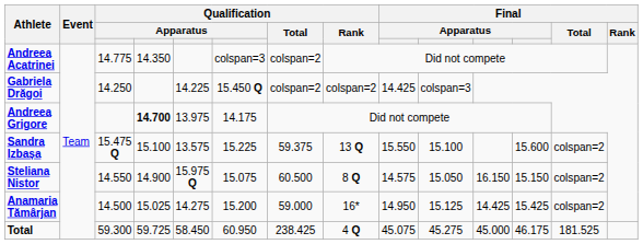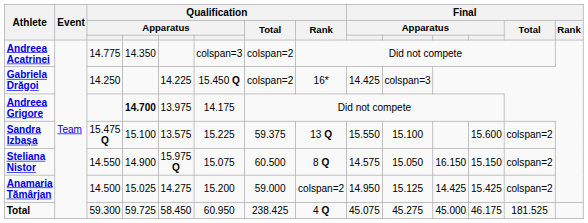 <table class="wikitable" style="font-size:90%">
 <tr>
 <th rowspan="3">Athlete</th>
 <th rowspan="3">Event</th>
 <th colspan=6>Qualification</th>
 <th colspan=6>Final</th>
 </tr>
 <tr style="font-size:95%">
 <th colspan=4>Apparatus</th>
 <th rowspan=2>Total</th>
 <th rowspan=2>Rank</th>
 <th colspan=4>Apparatus</th>
 <th rowspan=2>Total</th>
 <th rowspan=2>Rank</th>
 </tr>
 <tr style="font-size:95%">
 <th></th>
 <th></th>
 <th></th>
 <th></th>
 <th></th>
 <th></th>
 <th></th>
 <th></th>
 </tr>
 <tr align=center>
 <td align=left><strong><a href='#'>Andreea Acatrinei</a></strong></td>
 <td rowspan=7 align=left><a href='#'>Team</a></td>
 <td>14.775</td>
 <td>14.350</td>
 <td></td>
 <td>colspan=3 </td>
 <td>colspan=2 </td>
 <td colspan=6>Did not compete</td>
 </tr>
 <tr align=center>
 <td align=left><strong><a href='#'>Gabriela Drăgoi</a></strong></td>
 <td>14.250</td>
 <td></td>
 <td>14.225</td>
 <td>15.450 <strong>Q</strong></td>
 <td>colspan=2 </td>
-<td>colspan=2 </td>
+<td>16*</td>
 <td>14.425</td>
 <td>colspan=3 </td>
 </tr>
 <tr align=center>
 <td align=left><strong><a href='#'>Andreea Grigore</a></strong></td>
 <td></td>
 <td><strong>14.700</strong></td>
 <td>13.975</td>
 <td>14.175</td>
 <td colspan=6>Did not compete</td>
 </tr>
 <tr align=center>
 <td align=left><strong><a href='#'>Sandra Izbașa</a></strong></td>
 <td>15.475 <strong>Q</strong></td>
 <td>15.100</td>
 <td>13.575</td>
 <td>15.225</td>
 <td>59.375</td>
 <td>13 <strong>Q</strong></td>
 <td>15.550</td>
 <td>15.100</td>
 <td></td>
 <td>15.600</td>
 <td>colspan=2 </td>
 </tr>
 <tr align=center>
 <td align=left><strong><a href='#'>Steliana Nistor</a></strong></td>
 <td>14.550</td>
 <td>14.900</td>
 <td>15.975 <strong>Q</strong></td>
 <td>15.075</td>
 <td>60.500</td>
 <td>8 <strong>Q</strong></td>
 <td>14.575</td>
 <td>15.050</td>
 <td>16.150</td>
 <td>15.150</td>
 <td>colspan=2 </td>
 </tr>
 <tr align=center>
 <td align=left><strong><a href='#'>Anamaria Tămârjan</a></strong></td>
 <td>14.500</td>
 <td>15.025</td>
 <td>14.275</td>
 <td>15.200</td>
 <td>59.000</td>
-<td>16*</td>
+<td>colspan=2 </td>
 <td>14.950</td>
 <td>15.125</td>
 <td>14.425</td>
 <td>15.425</td>
 <td>colspan=2 </td>
 </tr>
 <tr align=center>
 <td align=left><strong>Total</strong></td>
 <td>59.300</td>
 <td>59.725</td>
 <td>58.450</td>
 <td>60.950</td>
 <td>238.425</td>
 <td>4 <strong>Q</strong></td>
 <td>45.075</td>
 <td>45.275</td>
 <td>45.000</td>
 <td>46.175</td>
 <td>181.525</td>
 <td></td>
 </tr>
 </table>
